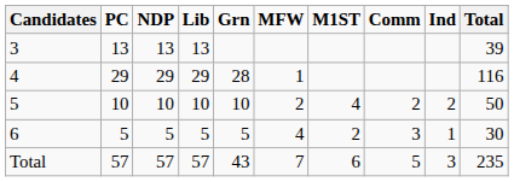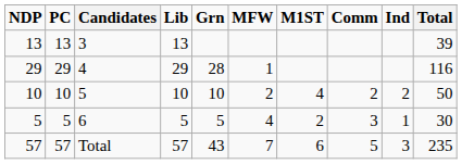 <table class="wikitable" style="text-align:right;">
 <tr>
+<td><strong>NDP</strong></td>
+<td><strong>PC</strong></td>
 <th>Candidates</th>
-<td><strong>PC</strong></td>
-<td><strong>NDP</strong></td>
 <td><strong>Lib</strong></td>
 <td><strong>Grn</strong></td>
 <td><strong>MFW</strong></td>
 <td><strong>M1ST</strong></td>
 <td><strong>Comm</strong></td>
 <td><strong>Ind</strong></td>
 <th>Total</th>
 </tr>
 <tr>
-<td style="text-align:left;">3</td>
 <td>13</td>
 <td>13</td>
+<td style="text-align:left;">3</td>
 <td>13</td>
 <td></td>
 <td></td>
 <td></td>
 <td></td>
 <td></td>
 <td>39</td>
 </tr>
 <tr>
-<td style="text-align:left;">4</td>
 <td>29</td>
 <td>29</td>
+<td style="text-align:left;">4</td>
 <td>29</td>
 <td>28</td>
 <td>1</td>
 <td></td>
 <td></td>
 <td></td>
 <td>116</td>
 </tr>
 <tr>
-<td style="text-align:left;">5</td>
 <td>10</td>
 <td>10</td>
+<td style="text-align:left;">5</td>
 <td>10</td>
 <td>10</td>
 <td>2</td>
 <td>4</td>
 <td>2</td>
 <td>2</td>
 <td>50</td>
 </tr>
 <tr>
-<td style="text-align:left;">6</td>
 <td>5</td>
 <td>5</td>
+<td style="text-align:left;">6</td>
 <td>5</td>
 <td>5</td>
 <td>4</td>
 <td>2</td>
 <td>3</td>
 <td>1</td>
 <td>30</td>
 </tr>
 <tr>
-<td style="text-align:left;">Total</td>
 <td>57</td>
 <td>57</td>
+<td style="text-align:left;">Total</td>
 <td>57</td>
 <td>43</td>
 <td>7</td>
 <td>6</td>
 <td>5</td>
 <td>3</td>
 <td>235</td>
 </tr>
 </table>
